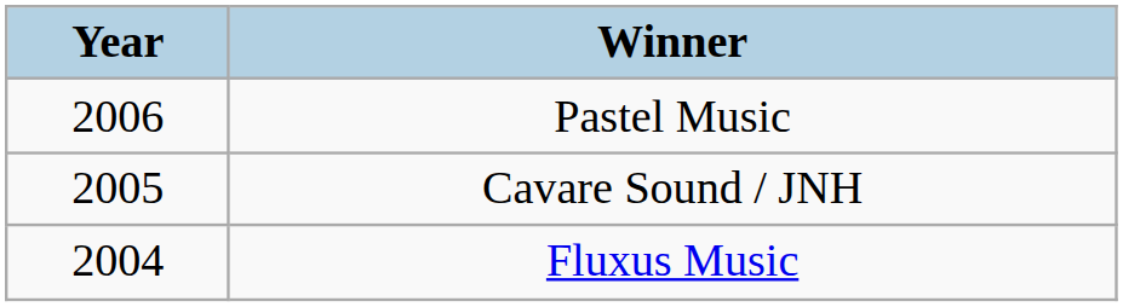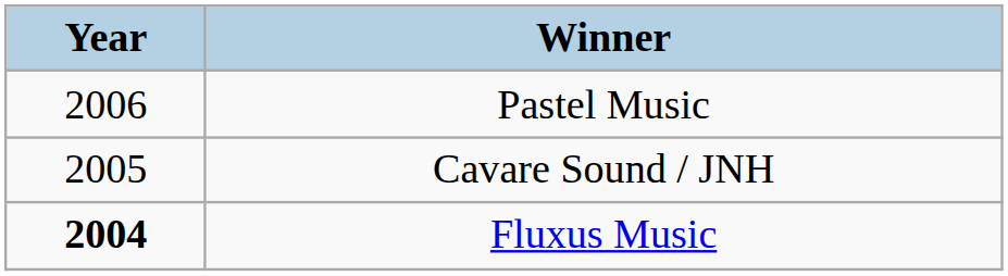 <table class="wikitable" style="text-align: center">
 <tr>
 <th width="70" style="background:#b3d1e3; ">Year</th>
 <th width="300" style="background:#b3d1e3; ">Winner</th>
 </tr>
 <tr>
 <td>2006</td>
 <td>Pastel Music</td>
 </tr>
 <tr>
 <td>2005</td>
 <td>Cavare Sound / JNH</td>
 </tr>
 <tr>
-<td>2004</td>
+<td><strong>2004</strong></td>
 <td><a href='#'>Fluxus Music</a></td>
 </tr>
 </table>
